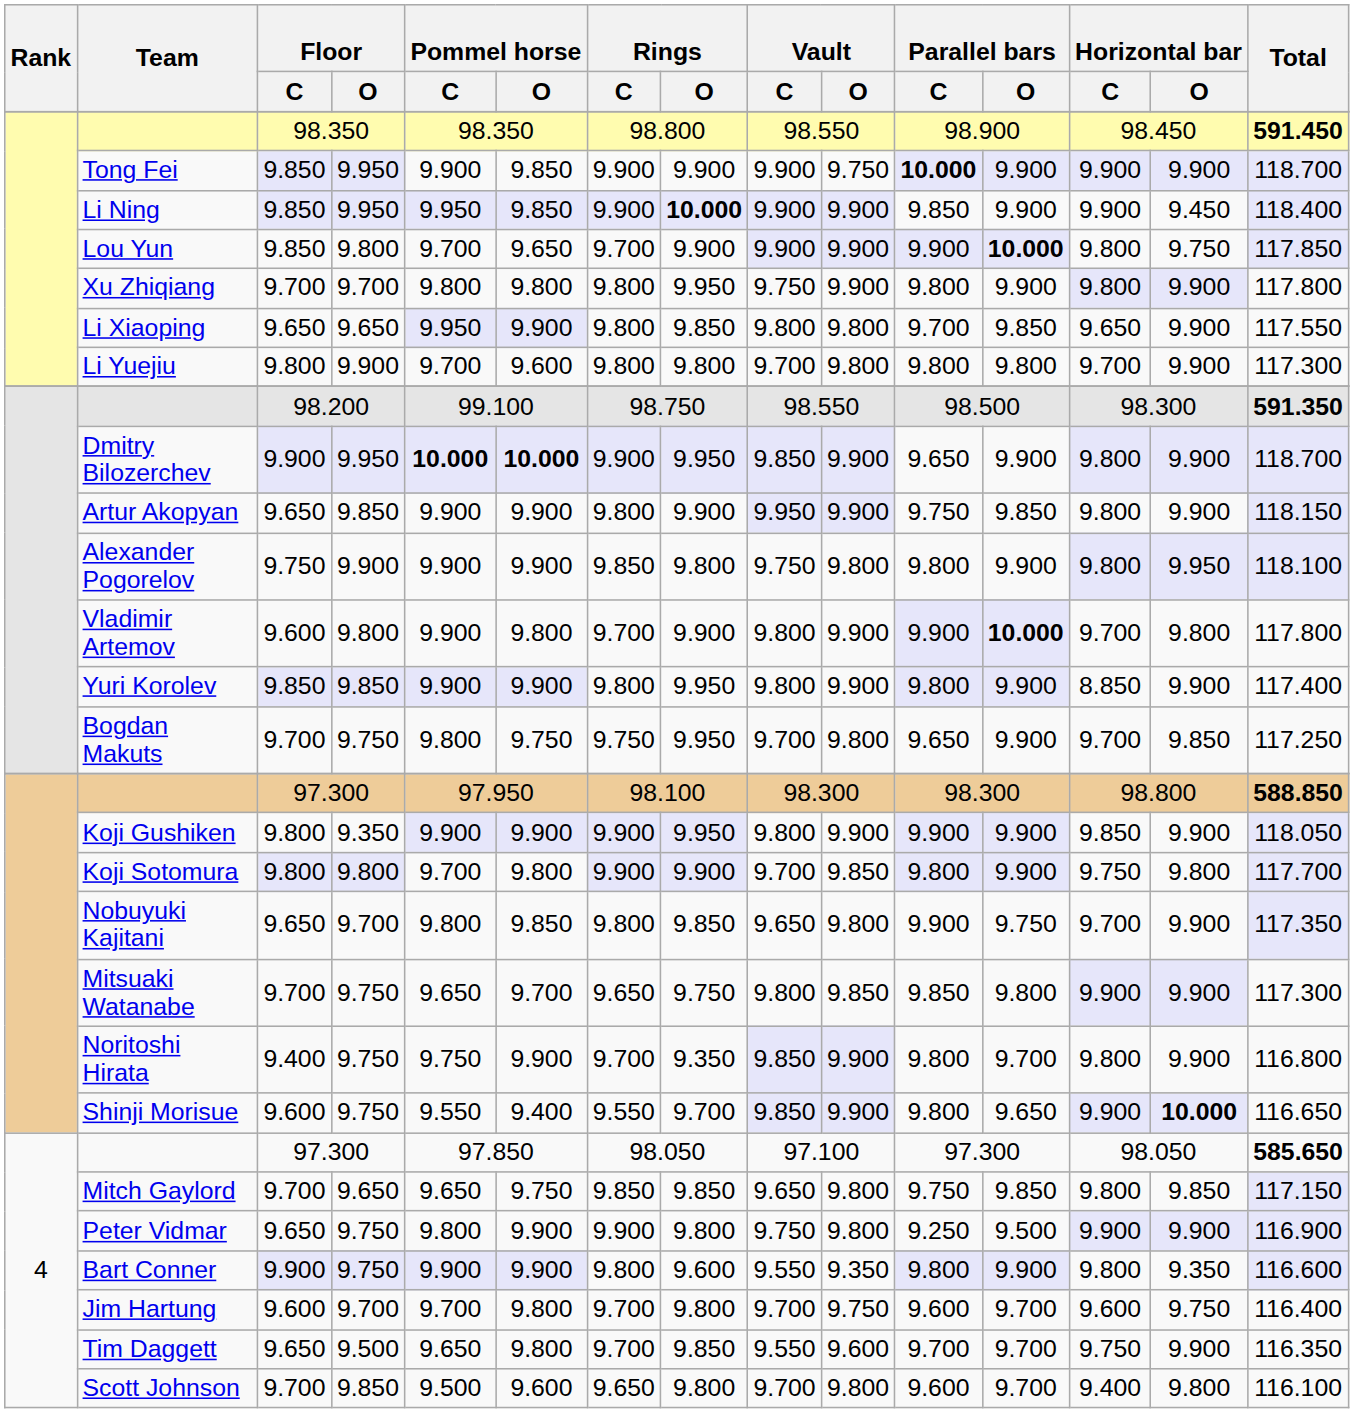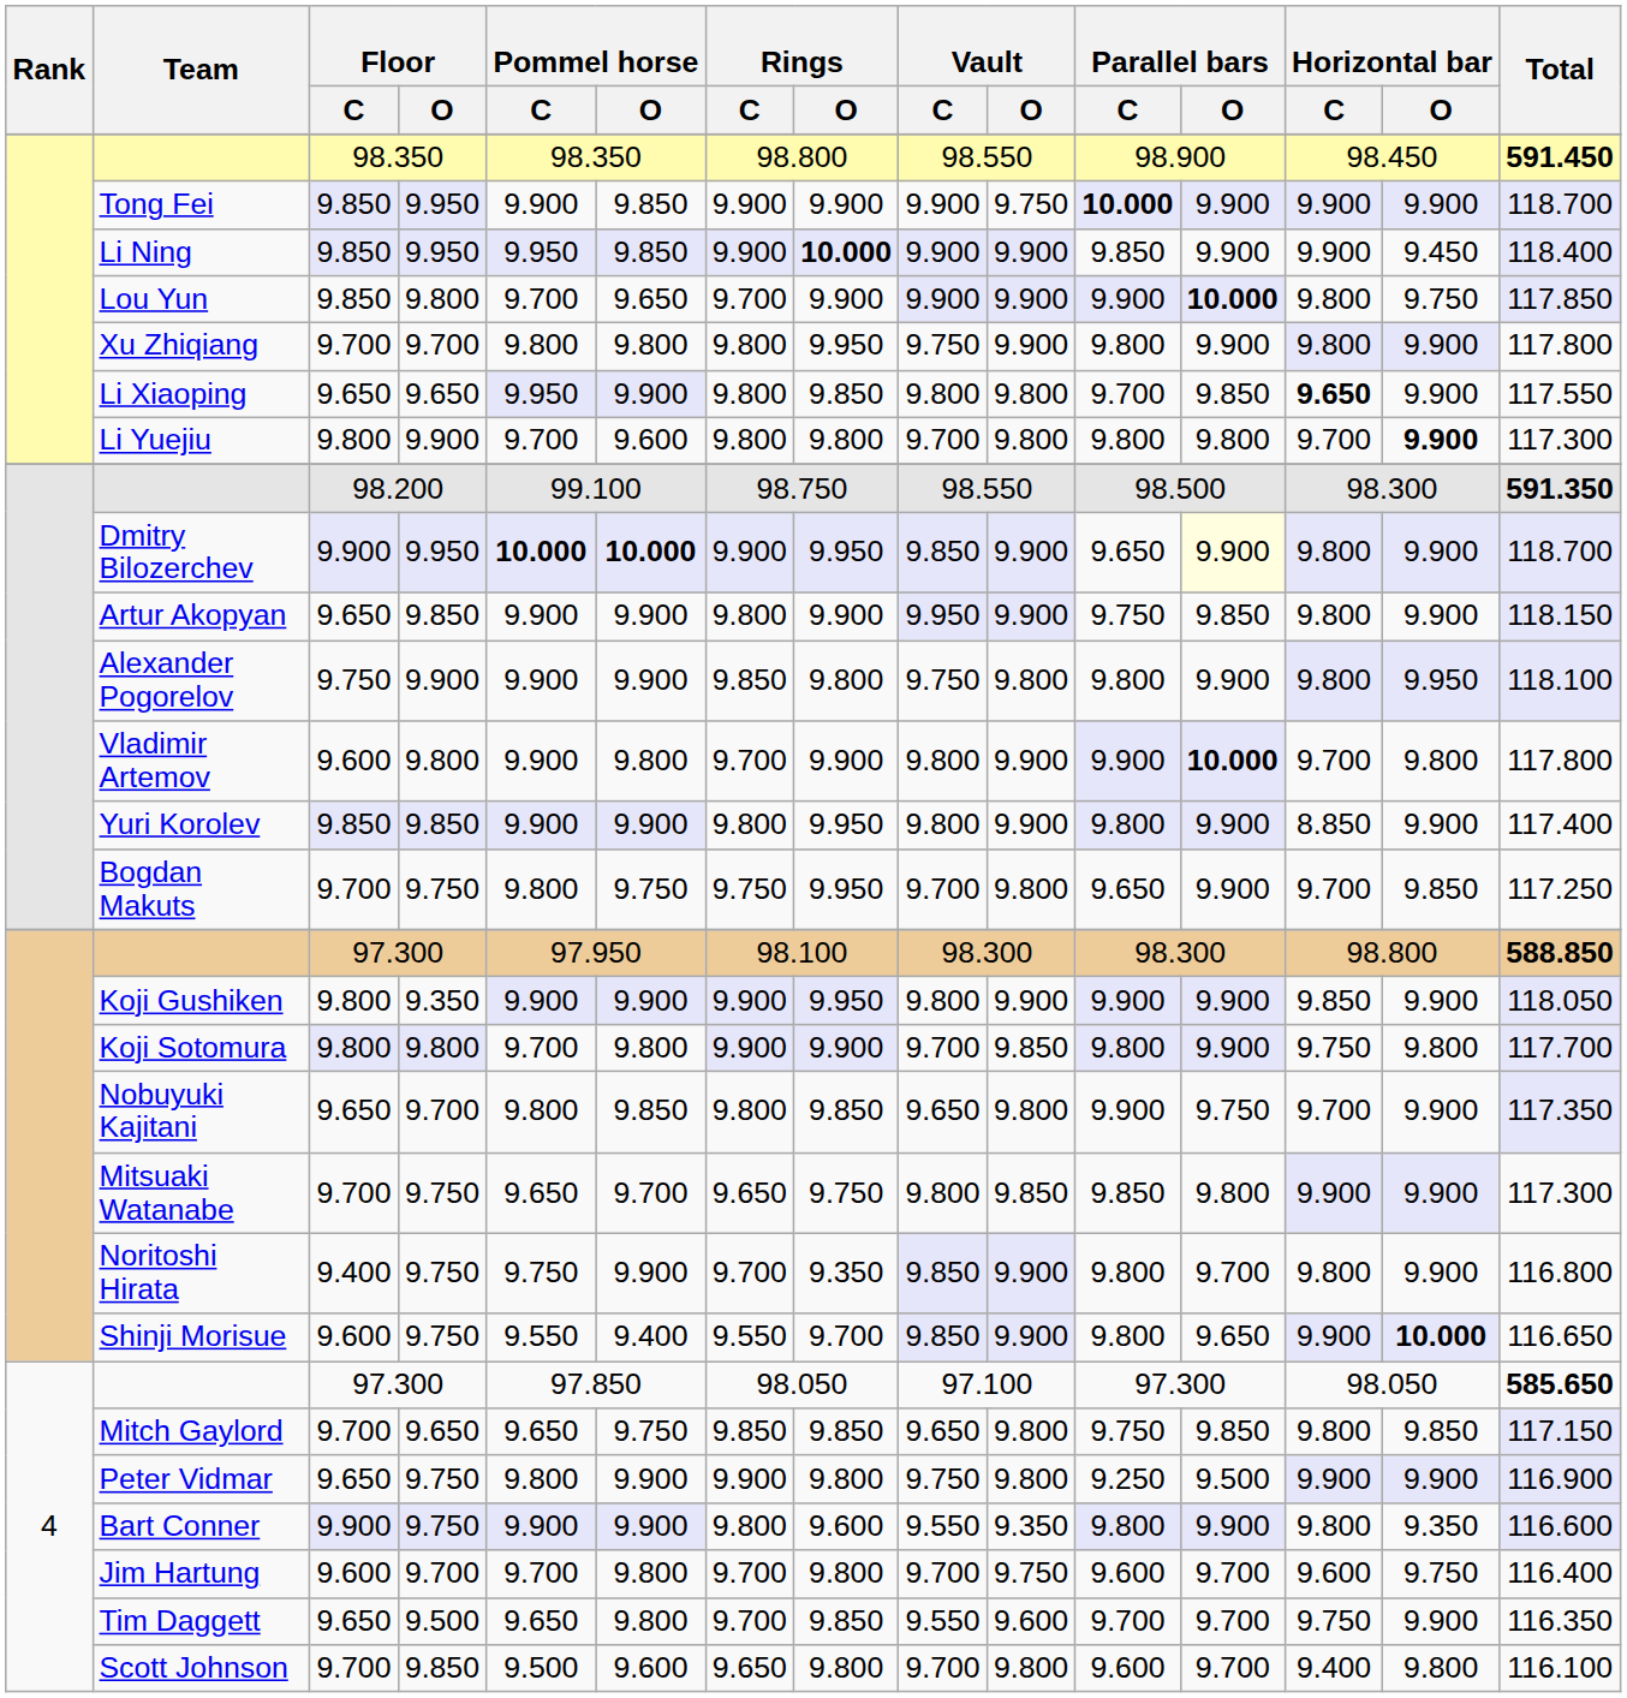 <table class="wikitable" style="text-align:center">
 <tr>
 <th rowspan=2>Rank</th>
 <th rowspan=2>Team</th>
 <th colspan=2><br>Floor</th>
 <th colspan=2><br>Pommel horse</th>
 <th colspan=2><br>Rings</th>
 <th colspan=2><br>Vault</th>
 <th colspan=2><br>Parallel bars</th>
 <th colspan=2><br>Horizontal bar</th>
 <th rowspan=2>Total</th>
 </tr>
 <tr>
 <th>C</th>
 <th>O</th>
 <th>C</th>
 <th>O</th>
 <th>C</th>
 <th>O</th>
 <th>C</th>
 <th>O</th>
 <th>C</th>
 <th>O</th>
 <th>C</th>
 <th>O</th>
 </tr>
 <tr>
 </tr>
 <tr style="background:#fffcaf;">
 <td rowspan=7></td>
 <td align=left></td>
 <td colspan=2>98.350</td>
 <td colspan=2>98.350</td>
 <td colspan=2>98.800</td>
 <td colspan=2>98.550</td>
 <td colspan=2>98.900</td>
 <td colspan=2>98.450</td>
 <td><strong>591.450</strong></td>
 </tr>
 <tr>
 <td align=left><a href='#'>Tong Fei</a></td>
 <td bgcolor="lavender">9.850</td>
 <td bgcolor="lavender">9.950</td>
 <td>9.900</td>
 <td>9.850</td>
 <td>9.900</td>
 <td>9.900</td>
 <td>9.900</td>
 <td>9.750</td>
 <td bgcolor="lavender"><strong>10.000</strong></td>
 <td bgcolor="lavender">9.900</td>
 <td bgcolor="lavender">9.900</td>
 <td bgcolor="lavender">9.900</td>
 <td bgcolor="lavender">118.700</td>
 </tr>
 <tr>
 <td align=left><a href='#'>Li Ning</a></td>
 <td bgcolor="lavender">9.850</td>
 <td bgcolor="lavender">9.950</td>
 <td bgcolor="lavender">9.950</td>
 <td bgcolor="lavender">9.850</td>
 <td bgcolor="lavender">9.900</td>
 <td bgcolor="lavender"><strong>10.000</strong></td>
 <td bgcolor="lavender">9.900</td>
 <td bgcolor="lavender">9.900</td>
 <td>9.850</td>
 <td>9.900</td>
 <td>9.900</td>
 <td>9.450</td>
 <td bgcolor="lavender">118.400</td>
 </tr>
 <tr>
 <td align=left><a href='#'>Lou Yun</a></td>
 <td>9.850</td>
 <td>9.800</td>
 <td>9.700</td>
 <td>9.650</td>
 <td>9.700</td>
 <td>9.900</td>
 <td bgcolor="lavender">9.900</td>
 <td bgcolor="lavender">9.900</td>
 <td bgcolor="lavender">9.900</td>
 <td bgcolor="lavender"><strong>10.000</strong></td>
 <td>9.800</td>
 <td>9.750</td>
 <td bgcolor="lavender">117.850</td>
 </tr>
 <tr>
 <td align=left><a href='#'>Xu Zhiqiang</a></td>
 <td>9.700</td>
 <td>9.700</td>
 <td>9.800</td>
 <td>9.800</td>
 <td>9.800</td>
 <td>9.950</td>
 <td>9.750</td>
 <td>9.900</td>
 <td>9.800</td>
 <td>9.900</td>
 <td bgcolor="lavender">9.800</td>
 <td bgcolor="lavender">9.900</td>
 <td>117.800</td>
 </tr>
 <tr>
 <td align=left><a href='#'>Li Xiaoping</a></td>
 <td>9.650</td>
 <td>9.650</td>
 <td bgcolor="lavender">9.950</td>
 <td bgcolor="lavender">9.900</td>
 <td>9.800</td>
 <td>9.850</td>
 <td>9.800</td>
 <td>9.800</td>
 <td>9.700</td>
 <td>9.850</td>
-<td>9.650</td>
+<td><strong>9.650</strong></td>
 <td>9.900</td>
 <td>117.550</td>
 </tr>
 <tr>
 <td align=left><a href='#'>Li Yuejiu</a></td>
 <td>9.800</td>
 <td>9.900</td>
 <td>9.700</td>
 <td>9.600</td>
 <td>9.800</td>
 <td>9.800</td>
 <td>9.700</td>
 <td>9.800</td>
 <td>9.800</td>
 <td>9.800</td>
 <td>9.700</td>
-<td>9.900</td>
+<td><strong>9.900</strong></td>
 <td>117.300</td>
 </tr>
 <tr>
 </tr>
 <tr style="background:#e5e5e5;">
 <td rowspan=7></td>
 <td align=left></td>
 <td colspan=2>98.200</td>
 <td colspan=2>99.100</td>
 <td colspan=2>98.750</td>
 <td colspan=2>98.550</td>
 <td colspan=2>98.500</td>
 <td colspan=2>98.300</td>
 <td><strong>591.350</strong></td>
 </tr>
 <tr>
 <td align=left><a href='#'>Dmitry Bilozerchev</a></td>
 <td bgcolor="lavender">9.900</td>
 <td bgcolor="lavender">9.950</td>
 <td bgcolor="lavender"><strong>10.000</strong></td>
 <td bgcolor="lavender"><strong>10.000</strong></td>
 <td bgcolor="lavender">9.900</td>
 <td bgcolor="lavender">9.950</td>
 <td bgcolor="lavender">9.850</td>
 <td bgcolor="lavender">9.900</td>
 <td>9.650</td>
-<td>9.900</td>
+<td style="background: lightyellow;">9.900</td>
 <td bgcolor="lavender">9.800</td>
 <td bgcolor="lavender">9.900</td>
 <td bgcolor="lavender">118.700</td>
 </tr>
 <tr>
 <td align=left><a href='#'>Artur Akopyan</a></td>
 <td>9.650</td>
 <td>9.850</td>
 <td>9.900</td>
 <td>9.900</td>
 <td>9.800</td>
 <td>9.900</td>
 <td bgcolor="lavender">9.950</td>
 <td bgcolor="lavender">9.900</td>
 <td>9.750</td>
 <td>9.850</td>
 <td>9.800</td>
 <td>9.900</td>
 <td bgcolor="lavender">118.150</td>
 </tr>
 <tr>
 <td align=left><a href='#'>Alexander Pogorelov</a></td>
 <td>9.750</td>
 <td>9.900</td>
 <td>9.900</td>
 <td>9.900</td>
 <td>9.850</td>
 <td>9.800</td>
 <td>9.750</td>
 <td>9.800</td>
 <td>9.800</td>
 <td>9.900</td>
 <td bgcolor="lavender">9.800</td>
 <td bgcolor="lavender">9.950</td>
 <td bgcolor="lavender">118.100</td>
 </tr>
 <tr>
 <td align=left><a href='#'>Vladimir Artemov</a></td>
 <td>9.600</td>
 <td>9.800</td>
 <td>9.900</td>
 <td>9.800</td>
 <td>9.700</td>
 <td>9.900</td>
 <td>9.800</td>
 <td>9.900</td>
 <td bgcolor="lavender">9.900</td>
 <td bgcolor="lavender"><strong>10.000</strong></td>
 <td>9.700</td>
 <td>9.800</td>
 <td>117.800</td>
 </tr>
 <tr>
 <td align=left><a href='#'>Yuri Korolev</a></td>
 <td bgcolor="lavender">9.850</td>
 <td bgcolor="lavender">9.850</td>
 <td bgcolor="lavender">9.900</td>
 <td bgcolor="lavender">9.900</td>
 <td>9.800</td>
 <td>9.950</td>
 <td>9.800</td>
 <td>9.900</td>
 <td bgcolor="lavender">9.800</td>
 <td bgcolor="lavender">9.900</td>
 <td>8.850</td>
 <td>9.900</td>
 <td>117.400</td>
 </tr>
 <tr>
 <td align=left><a href='#'>Bogdan Makuts</a></td>
 <td>9.700</td>
 <td>9.750</td>
 <td>9.800</td>
 <td>9.750</td>
 <td>9.750</td>
 <td>9.950</td>
 <td>9.700</td>
 <td>9.800</td>
 <td>9.650</td>
 <td>9.900</td>
 <td>9.700</td>
 <td>9.850</td>
 <td>117.250</td>
 </tr>
 <tr>
 </tr>
 <tr style="background:#ec9;">
 <td rowspan=7></td>
 <td align=left></td>
 <td colspan=2>97.300</td>
 <td colspan=2>97.950</td>
 <td colspan=2>98.100</td>
 <td colspan=2>98.300</td>
 <td colspan=2>98.300</td>
 <td colspan=2>98.800</td>
 <td><strong>588.850</strong></td>
 </tr>
 <tr>
 <td align=left><a href='#'>Koji Gushiken</a></td>
 <td>9.800</td>
 <td>9.350</td>
 <td bgcolor="lavender">9.900</td>
 <td bgcolor="lavender">9.900</td>
 <td bgcolor="lavender">9.900</td>
 <td bgcolor="lavender">9.950</td>
 <td>9.800</td>
 <td>9.900</td>
 <td bgcolor="lavender">9.900</td>
 <td bgcolor="lavender">9.900</td>
 <td>9.850</td>
 <td>9.900</td>
 <td bgcolor="lavender">118.050</td>
 </tr>
 <tr>
 <td align=left><a href='#'>Koji Sotomura</a></td>
 <td bgcolor="lavender">9.800</td>
 <td bgcolor="lavender">9.800</td>
 <td>9.700</td>
 <td>9.800</td>
 <td bgcolor="lavender">9.900</td>
 <td bgcolor="lavender">9.900</td>
 <td>9.700</td>
 <td>9.850</td>
 <td bgcolor="lavender">9.800</td>
 <td bgcolor="lavender">9.900</td>
 <td>9.750</td>
 <td>9.800</td>
 <td bgcolor="lavender">117.700</td>
 </tr>
 <tr>
 <td align=left><a href='#'>Nobuyuki Kajitani</a></td>
 <td>9.650</td>
 <td>9.700</td>
 <td>9.800</td>
 <td>9.850</td>
 <td>9.800</td>
 <td>9.850</td>
 <td>9.650</td>
 <td>9.800</td>
 <td>9.900</td>
 <td>9.750</td>
 <td>9.700</td>
 <td>9.900</td>
 <td bgcolor="lavender">117.350</td>
 </tr>
 <tr>
 <td align=left><a href='#'>Mitsuaki Watanabe</a></td>
 <td>9.700</td>
 <td>9.750</td>
 <td>9.650</td>
 <td>9.700</td>
 <td>9.650</td>
 <td>9.750</td>
 <td>9.800</td>
 <td>9.850</td>
 <td>9.850</td>
 <td>9.800</td>
 <td bgcolor="lavender">9.900</td>
 <td bgcolor="lavender">9.900</td>
 <td>117.300</td>
 </tr>
 <tr>
 <td align=left><a href='#'>Noritoshi Hirata</a></td>
 <td>9.400</td>
 <td>9.750</td>
 <td>9.750</td>
 <td>9.900</td>
 <td>9.700</td>
 <td>9.350</td>
 <td bgcolor="lavender">9.850</td>
 <td bgcolor="lavender">9.900</td>
 <td>9.800</td>
 <td>9.700</td>
 <td>9.800</td>
 <td>9.900</td>
 <td>116.800</td>
 </tr>
 <tr>
 <td align=left><a href='#'>Shinji Morisue</a></td>
 <td>9.600</td>
 <td>9.750</td>
 <td>9.550</td>
 <td>9.400</td>
 <td>9.550</td>
 <td>9.700</td>
 <td bgcolor="lavender">9.850</td>
 <td bgcolor="lavender">9.900</td>
 <td>9.800</td>
 <td>9.650</td>
 <td bgcolor="lavender">9.900</td>
 <td bgcolor="lavender"><strong>10.000</strong></td>
 <td>116.650</td>
 </tr>
 <tr>
 <td rowspan=7>4</td>
 <td align=left></td>
 <td colspan=2>97.300</td>
 <td colspan=2>97.850</td>
 <td colspan=2>98.050</td>
 <td colspan=2>97.100</td>
 <td colspan=2>97.300</td>
 <td colspan=2>98.050</td>
 <td><strong>585.650</strong></td>
 </tr>
 <tr>
 <td align=left><a href='#'>Mitch Gaylord</a></td>
 <td>9.700</td>
 <td>9.650</td>
 <td>9.650</td>
 <td>9.750</td>
 <td>9.850</td>
 <td>9.850</td>
 <td>9.650</td>
 <td>9.800</td>
 <td>9.750</td>
 <td>9.850</td>
 <td>9.800</td>
 <td>9.850</td>
 <td bgcolor="lavender">117.150</td>
 </tr>
 <tr>
 <td align=left><a href='#'>Peter Vidmar</a></td>
 <td>9.650</td>
 <td>9.750</td>
 <td>9.800</td>
 <td>9.900</td>
 <td>9.900</td>
 <td>9.800</td>
 <td>9.750</td>
 <td>9.800</td>
 <td>9.250</td>
 <td>9.500</td>
 <td bgcolor="lavender">9.900</td>
 <td bgcolor="lavender">9.900</td>
 <td bgcolor="lavender">116.900</td>
 </tr>
 <tr>
 <td align=left><a href='#'>Bart Conner</a></td>
 <td bgcolor="lavender">9.900</td>
 <td bgcolor="lavender">9.750</td>
 <td bgcolor="lavender">9.900</td>
 <td bgcolor="lavender">9.900</td>
 <td>9.800</td>
 <td>9.600</td>
 <td>9.550</td>
 <td>9.350</td>
 <td bgcolor="lavender">9.800</td>
 <td bgcolor="lavender">9.900</td>
 <td>9.800</td>
 <td>9.350</td>
 <td bgcolor="lavender">116.600</td>
 </tr>
 <tr>
 <td align=left><a href='#'>Jim Hartung</a></td>
 <td>9.600</td>
 <td>9.700</td>
 <td>9.700</td>
 <td>9.800</td>
 <td>9.700</td>
 <td>9.800</td>
 <td>9.700</td>
 <td>9.750</td>
 <td>9.600</td>
 <td>9.700</td>
 <td>9.600</td>
 <td>9.750</td>
 <td>116.400</td>
 </tr>
 <tr>
 <td align=left><a href='#'>Tim Daggett</a></td>
 <td>9.650</td>
 <td>9.500</td>
 <td>9.650</td>
 <td>9.800</td>
 <td>9.700</td>
 <td>9.850</td>
 <td>9.550</td>
 <td>9.600</td>
 <td>9.700</td>
 <td>9.700</td>
 <td>9.750</td>
 <td>9.900</td>
 <td>116.350</td>
 </tr>
 <tr>
 <td align=left><a href='#'>Scott Johnson</a></td>
 <td>9.700</td>
 <td>9.850</td>
 <td>9.500</td>
 <td>9.600</td>
 <td>9.650</td>
 <td>9.800</td>
 <td>9.700</td>
 <td>9.800</td>
 <td>9.600</td>
 <td>9.700</td>
 <td>9.400</td>
 <td>9.800</td>
 <td>116.100</td>
 </tr>
 </table>
